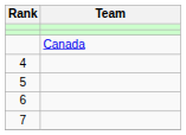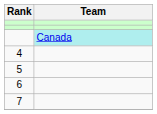 <table class="wikitable" style="text-align: center;">
 <tr>
 <th width=40>Rank</th>
 <th width=180>Team</th>
 </tr>
 <tr align=center bgcolor=#ccffcc>
 <td></td>
 <td style="text-align:left;"></td>
 </tr>
 <tr align=center bgcolor=#ccffcc>
 <td></td>
 <td style="text-align:left;"></td>
 </tr>
 <tr align=center>
 <td></td>
-<td style="text-align:left;"> <a href='#'>Canada</a></td>
+<td style="background: paleturquoise; text-align:left;"> <a href='#'>Canada</a></td>
 </tr>
 <tr align=center>
 <td>4</td>
 <td style="text-align:left;"></td>
 </tr>
 <tr align=center>
 <td>5</td>
 <td style="text-align:left;"></td>
 </tr>
 <tr align=center>
 <td>6</td>
 <td style="text-align:left;"></td>
 </tr>
 <tr align=center>
 <td>7</td>
 <td style="text-align:left;"></td>
 </tr>
 <tr align=center>
 </tr>
 </table>
